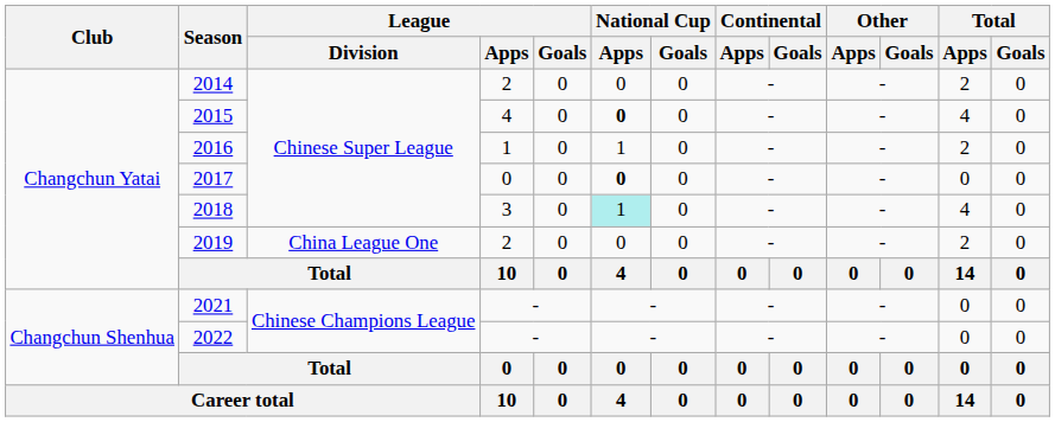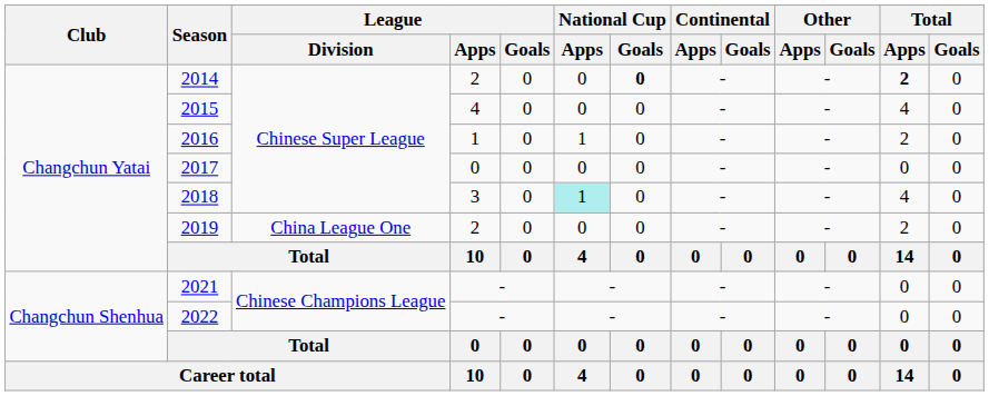 <table class="wikitable" style="text-align: center">
 <tr>
 <th rowspan="2">Club</th>
 <th rowspan="2">Season</th>
 <th colspan="3">League</th>
 <th colspan="2">National Cup</th>
 <th colspan="2">Continental</th>
 <th colspan="2">Other</th>
 <th colspan="2">Total</th>
 </tr>
 <tr>
 <th>Division</th>
 <th>Apps</th>
 <th>Goals</th>
 <th>Apps</th>
 <th>Goals</th>
 <th>Apps</th>
 <th>Goals</th>
 <th>Apps</th>
 <th>Goals</th>
 <th>Apps</th>
 <th>Goals</th>
 </tr>
 <tr>
 <td rowspan=7><a href='#'>Changchun Yatai</a></td>
 <td><a href='#'>2014</a></td>
 <td rowspan=5><a href='#'>Chinese Super League</a></td>
 <td>2</td>
 <td>0</td>
 <td>0</td>
-<td>0</td>
+<td><strong>0</strong></td>
 <td colspan="2">-</td>
 <td colspan="2">-</td>
-<td>2</td>
+<td><strong>2</strong></td>
 <td>0</td>
 </tr>
 <tr>
 <td><a href='#'>2015</a></td>
 <td>4</td>
 <td>0</td>
-<td><strong>0</strong></td>
+<td>0</td>
 <td>0</td>
 <td colspan="2">-</td>
 <td colspan="2">-</td>
 <td>4</td>
 <td>0</td>
 </tr>
 <tr>
 <td><a href='#'>2016</a></td>
 <td>1</td>
 <td>0</td>
 <td>1</td>
 <td>0</td>
 <td colspan="2">-</td>
 <td colspan="2">-</td>
 <td>2</td>
 <td>0</td>
 </tr>
 <tr>
 <td><a href='#'>2017</a></td>
 <td>0</td>
 <td>0</td>
-<td><strong>0</strong></td>
+<td>0</td>
 <td>0</td>
 <td colspan="2">-</td>
 <td colspan="2">-</td>
 <td>0</td>
 <td>0</td>
 </tr>
 <tr>
 <td><a href='#'>2018</a></td>
 <td>3</td>
 <td>0</td>
 <td style="background: paleturquoise;">1</td>
 <td>0</td>
 <td colspan="2">-</td>
 <td colspan="2">-</td>
 <td>4</td>
 <td>0</td>
 </tr>
 <tr>
 <td><a href='#'>2019</a></td>
 <td><a href='#'>China League One</a></td>
 <td>2</td>
 <td>0</td>
 <td>0</td>
 <td>0</td>
 <td colspan="2">-</td>
 <td colspan="2">-</td>
 <td>2</td>
 <td>0</td>
 </tr>
 <tr>
 <th colspan="2">Total</th>
 <th>10</th>
 <th>0</th>
 <th>4</th>
 <th>0</th>
 <th>0</th>
 <th>0</th>
 <th>0</th>
 <th>0</th>
 <th>14</th>
 <th>0</th>
 </tr>
 <tr>
 <td rowspan=3><a href='#'>Changchun Shenhua</a></td>
 <td><a href='#'>2021</a></td>
 <td rowspan=2><a href='#'>Chinese Champions League</a></td>
 <td colspan="2">-</td>
 <td colspan="2">-</td>
 <td colspan="2">-</td>
 <td colspan="2">-</td>
 <td>0</td>
 <td>0</td>
 </tr>
 <tr>
 <td><a href='#'>2022</a></td>
 <td colspan="2">-</td>
 <td colspan="2">-</td>
 <td colspan="2">-</td>
 <td colspan="2">-</td>
 <td>0</td>
 <td>0</td>
 </tr>
 <tr>
 <th colspan="2">Total</th>
 <th>0</th>
 <th>0</th>
 <th>0</th>
 <th>0</th>
 <th>0</th>
 <th>0</th>
 <th>0</th>
 <th>0</th>
 <th>0</th>
 <th>0</th>
 </tr>
 <tr>
 <th colspan=3>Career total</th>
 <th>10</th>
 <th>0</th>
 <th>4</th>
 <th>0</th>
 <th>0</th>
 <th>0</th>
 <th>0</th>
 <th>0</th>
 <th>14</th>
 <th>0</th>
 </tr>
 </table>
